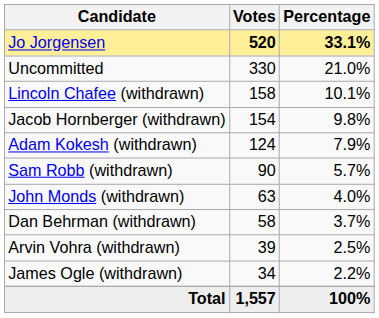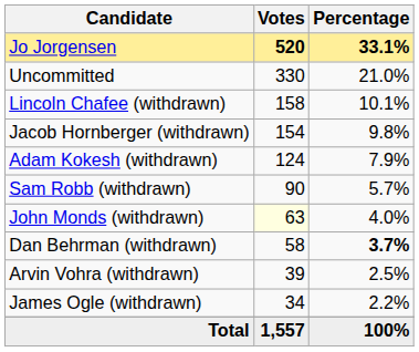 <table class="wikitable" style="text-align:right;">
 <tr>
 <th>Candidate</th>
 <th>Votes</th>
 <th>Percentage</th>
 </tr>
 <tr style="background:#ffef99;">
 <td style="text-align:left;"><a href='#'>Jo Jorgensen</a></td>
 <td><strong>520</strong></td>
 <td><strong>33.1%</strong></td>
 </tr>
 <tr>
 <td style="text-align:left;">Uncommitted</td>
 <td>330</td>
 <td>21.0%</td>
 </tr>
 <tr>
 <td style="text-align:left;"><a href='#'>Lincoln Chafee</a> (withdrawn)</td>
 <td>158</td>
 <td>10.1%</td>
 </tr>
 <tr>
 <td style="text-align:left;">Jacob Hornberger (withdrawn)</td>
 <td>154</td>
 <td>9.8%</td>
 </tr>
 <tr>
 <td style="text-align:left;"><a href='#'>Adam Kokesh</a> (withdrawn)</td>
 <td>124</td>
 <td>7.9%</td>
 </tr>
 <tr>
 <td style="text-align:left;"><a href='#'>Sam Robb</a> (withdrawn)</td>
 <td>90</td>
 <td>5.7%</td>
 </tr>
 <tr>
 <td style="text-align:left;"><a href='#'>John Monds</a> (withdrawn)</td>
-<td>63</td>
+<td style="background: lightyellow;">63</td>
 <td>4.0%</td>
 </tr>
 <tr>
 <td style="text-align:left;">Dan Behrman (withdrawn)</td>
 <td>58</td>
-<td>3.7%</td>
+<td><strong>3.7%</strong></td>
 </tr>
 <tr>
 <td style="text-align:left;">Arvin Vohra (withdrawn)</td>
 <td>39</td>
 <td>2.5%</td>
 </tr>
 <tr>
 <td style="text-align:left;">James Ogle (withdrawn)</td>
 <td>34</td>
 <td>2.2%</td>
 </tr>
 <tr>
 </tr>
 <tr style="background:#eee;">
 <td style="margin-right:0.50px"><strong>Total</strong></td>
 <td style="margin-right:0.50px"><strong>1,557</strong></td>
 <td style="margin-right:0.50px"><strong>100%</strong></td>
 </tr>
 </table>
